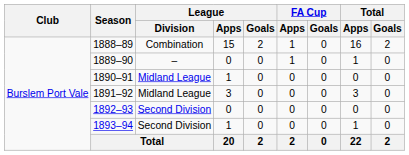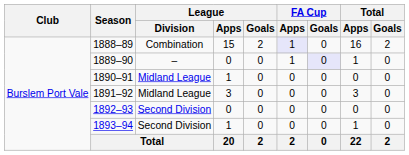 <table class="wikitable" style="text-align:center">
 <tr>
 <th rowspan="2">Club</th>
 <th rowspan="2">Season</th>
 <th colspan="3">League</th>
 <th colspan="2"><a href='#'>FA Cup</a></th>
 <th colspan="2">Total</th>
 </tr>
 <tr>
 <th>Division</th>
 <th>Apps</th>
 <th>Goals</th>
 <th>Apps</th>
 <th>Goals</th>
 <th>Apps</th>
 <th>Goals</th>
 </tr>
 <tr>
 <td rowspan="7"><a href='#'>Burslem Port Vale</a></td>
 <td>1888–89</td>
 <td>Combination</td>
 <td>15</td>
 <td>2</td>
-<td>1</td>
+<td style="background: lavender;">1</td>
 <td>0</td>
 <td>16</td>
 <td>2</td>
 </tr>
 <tr>
 <td>1889–90</td>
 <td>–</td>
 <td>0</td>
 <td>0</td>
 <td>1</td>
-<td>0</td>
+<td style="background: lavender;">0</td>
 <td>1</td>
 <td>0</td>
 </tr>
 <tr>
 <td>1890–91</td>
 <td><a href='#'>Midland League</a></td>
 <td>1</td>
 <td>0</td>
 <td>0</td>
 <td>0</td>
 <td>0</td>
 <td>0</td>
 </tr>
 <tr>
 <td>1891–92</td>
 <td>Midland League</td>
 <td>3</td>
 <td>0</td>
 <td>0</td>
 <td>0</td>
 <td>3</td>
 <td>0</td>
 </tr>
 <tr>
 <td><a href='#'>1892–93</a></td>
 <td><a href='#'>Second Division</a></td>
 <td>0</td>
 <td>0</td>
 <td>0</td>
 <td>0</td>
 <td>0</td>
 <td>0</td>
 </tr>
 <tr>
 <td><a href='#'>1893–94</a></td>
 <td>Second Division</td>
 <td>1</td>
 <td>0</td>
 <td>0</td>
 <td>0</td>
 <td>1</td>
 <td>0</td>
 </tr>
 <tr>
 <th colspan="2">Total</th>
 <th>20</th>
 <th>2</th>
 <th>2</th>
 <th>0</th>
 <th>22</th>
 <th>2</th>
 </tr>
 </table>
